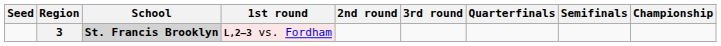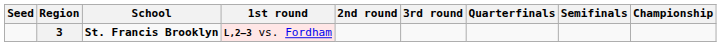 <table class="sortable wikitable" style="white-space:nowrap; font-size:90%;">
 <tr>
 <th>Seed</th>
 <th>Region</th>
 <th>School</th>
 <th>1st round</th>
 <th>2nd round</th>
 <th>3rd round</th>
 <th>Quarterfinals</th>
 <th>Semifinals</th>
 <th>Championship</th>
 </tr>
 <tr>
 <td></td>
 <th>3</th>
-<td style="background: lightgrey;"><strong>St. Francis Brooklyn</strong></td>
+<td><strong>St. Francis Brooklyn</strong></td>
 <td style="background:#FFE6E6;"><small><strong>L,2–3</strong></small> vs. <a href='#'>Fordham</a></td>
 <td></td>
 <td></td>
 <td></td>
 <td></td>
 </tr>
 </table>
